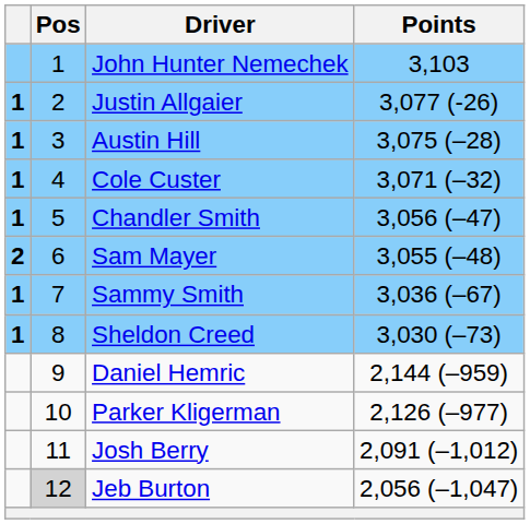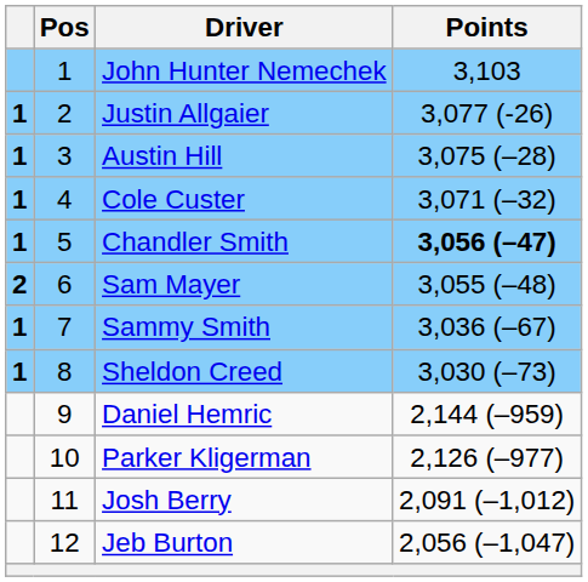 <table class="wikitable" style="font-size: 95%;">
 <tr>
 <th></th>
 <th>Pos</th>
 <th>Driver</th>
 <th>Points</th>
 </tr>
 <tr style="background:#87CEFA;">
 <td align="left"></td>
 <td style="text-align:center;">1</td>
 <td><a href='#'>John Hunter Nemechek</a></td>
 <td style="text-align:center;">3,103</td>
 </tr>
 <tr style="background:#87CEFA;">
 <td align="left"> <strong>1</strong></td>
 <td style="text-align:center;">2</td>
 <td><a href='#'>Justin Allgaier</a></td>
 <td style="text-align:center;">3,077 (-26)</td>
 </tr>
 <tr style="background:#87CEFA;">
 <td align="left"> <strong>1</strong></td>
 <td style="text-align:center;">3</td>
 <td><a href='#'>Austin Hill</a></td>
 <td style="text-align:center;">3,075 (–28)</td>
 </tr>
 <tr style="background:#87CEFA;">
 <td align="left"> <strong>1</strong></td>
 <td style="text-align:center;">4</td>
 <td><a href='#'>Cole Custer</a></td>
 <td style="text-align:center;">3,071 (–32)</td>
 </tr>
 <tr style="background:#87CEFA;">
 <td align="left"> <strong>1</strong></td>
 <td style="text-align:center;">5</td>
 <td><a href='#'>Chandler Smith</a></td>
-<td style="text-align:center;">3,056 (–47)</td>
+<td style="text-align:center;"><strong>3,056 (–47)</strong></td>
 </tr>
 <tr style="background:#87CEFA;">
 <td align="left"> <strong>2</strong></td>
 <td style="text-align:center;">6</td>
 <td><a href='#'>Sam Mayer</a></td>
 <td style="text-align:center;">3,055 (–48)</td>
 </tr>
 <tr style="background:#87CEFA;">
 <td align="left"> <strong>1</strong></td>
 <td style="text-align:center;">7</td>
 <td><a href='#'>Sammy Smith</a></td>
 <td style="text-align:center;">3,036 (–67)</td>
 </tr>
 <tr style="background:#87CEFA;">
 <td align="left"> <strong>1</strong></td>
 <td style="text-align:center;">8</td>
 <td><a href='#'>Sheldon Creed</a></td>
 <td style="text-align:center;">3,030 (–73)</td>
 </tr>
 <tr>
 <td align="left"></td>
 <td style="text-align:center;">9</td>
 <td><a href='#'>Daniel Hemric</a></td>
 <td style="text-align:center;">2,144 (–959)</td>
 </tr>
 <tr>
 <td align="left"></td>
 <td style="text-align:center;">10</td>
 <td><a href='#'>Parker Kligerman</a></td>
 <td style="text-align:center;">2,126 (–977)</td>
 </tr>
 <tr>
 <td align="left"></td>
 <td style="text-align:center;">11</td>
 <td><a href='#'>Josh Berry</a></td>
 <td style="text-align:center;">2,091 (–1,012)</td>
 </tr>
 <tr>
 <td align="left"></td>
-<td style="background: lightgrey; text-align:center;">12</td>
+<td style="text-align:center;">12</td>
 <td><a href='#'>Jeb Burton</a></td>
 <td style="text-align:center;">2,056 (–1,047)</td>
 </tr>
 <tr class="sortbottom">
 <th colspan="9"></th>
 </tr>
 </table>
